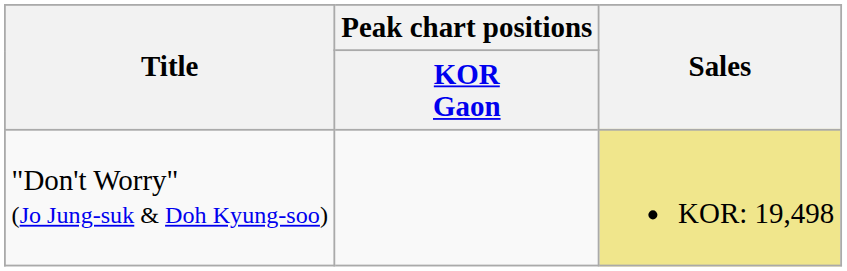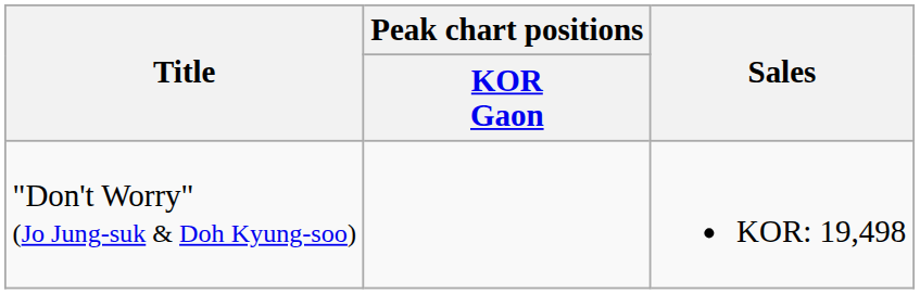 <table class="wikitable">
 <tr>
 <th rowspan="2">Title</th>
 <th>Peak chart positions</th>
 <th rowspan="2">Sales</th>
 </tr>
 <tr>
 <th><a href='#'>KOR</a><br><a href='#'>Gaon</a><br></th>
 </tr>
 <tr>
 <td>"Don't Worry"<br><small>(<a href='#'>Jo Jung-suk</a> & <a href='#'>Doh Kyung-soo</a>)</small></td>
 <td></td>
-<td style="background: khaki;"><br><ul><li>KOR: 19,498</li></ul></td>
+<td><br><ul><li>KOR: 19,498</li></ul></td>
 </tr>
 </table>
